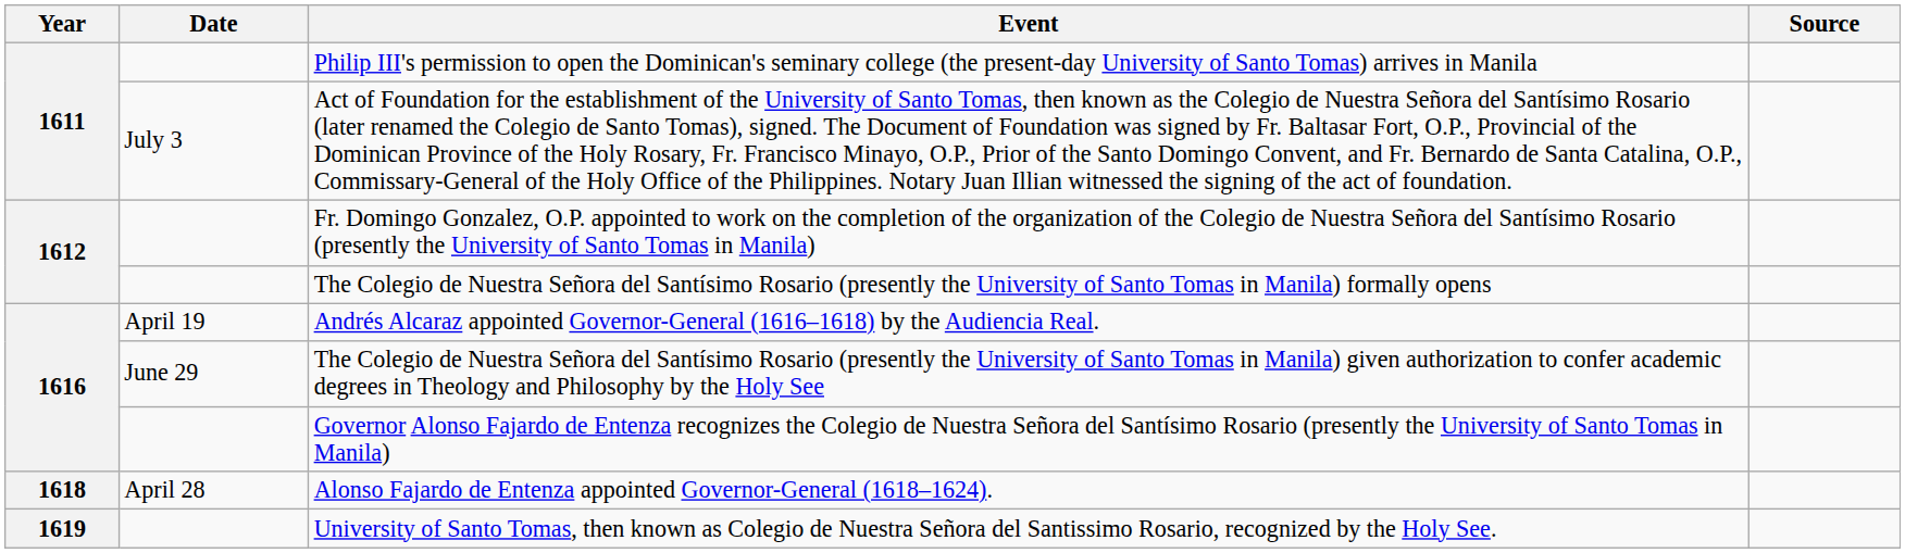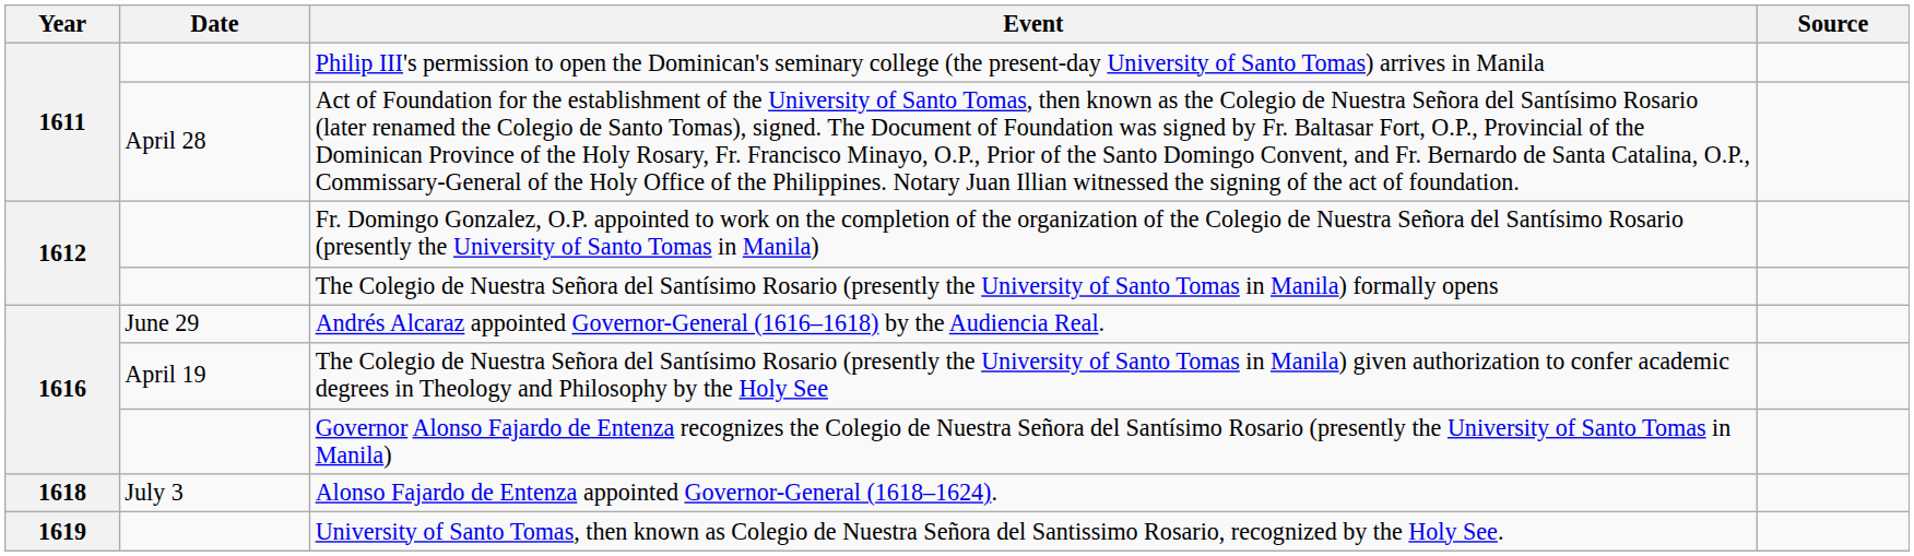 <table class="wikitable toptextcells" style="width:100%;">
 <tr>
 <th scope="col" style="width:6%;">Year</th>
 <th scope="col" style="width:10%;">Date</th>
 <th scope="col">Event</th>
 <th scope="col" style="width:8%;">Source</th>
 </tr>
 <tr>
 <th scope="row" rowspan="2">1611</th>
 <td></td>
 <td><a href='#'>Philip III</a>'s permission to open the Dominican's seminary college (the present-day <a href='#'>University of Santo Tomas</a>) arrives in Manila</td>
 <td></td>
 </tr>
 <tr>
-<td>July 3</td>
+<td>April 28</td>
 <td>Act of Foundation for the establishment of the <a href='#'>University of Santo Tomas</a>, then known as the Colegio de Nuestra Señora del Santísimo Rosario (later renamed the Colegio de Santo Tomas), signed. The Document of Foundation was signed by Fr. Baltasar Fort, O.P., Provincial of the Dominican Province of the Holy Rosary, Fr. Francisco Minayo, O.P., Prior of the Santo Domingo Convent, and Fr. Bernardo de Santa Catalina, O.P., Commissary-General of the Holy Office of the Philippines. Notary Juan Illian witnessed the signing of the act of foundation.</td>
 <td></td>
 </tr>
 <tr>
 <th scope="row" rowspan="2">1612</th>
 <td></td>
 <td>Fr. Domingo Gonzalez, O.P. appointed to work on the completion of the organization of the Colegio de Nuestra Señora del Santísimo Rosario (presently the <a href='#'>University of Santo Tomas</a> in <a href='#'>Manila</a>)</td>
 <td></td>
 </tr>
 <tr>
 <td></td>
 <td>The Colegio de Nuestra Señora del Santísimo Rosario (presently the <a href='#'>University of Santo Tomas</a> in <a href='#'>Manila</a>) formally opens</td>
 <td></td>
 </tr>
 <tr>
 <th scope="row" rowspan="3">1616</th>
-<td>April 19</td>
+<td>June 29</td>
 <td><a href='#'>Andrés Alcaraz</a> appointed <a href='#'>Governor-General (1616–1618)</a> by the <a href='#'>Audiencia Real</a>.</td>
 <td></td>
 </tr>
 <tr>
-<td>June 29</td>
+<td>April 19</td>
 <td>The Colegio de Nuestra Señora del Santísimo Rosario (presently the <a href='#'>University of Santo Tomas</a> in <a href='#'>Manila</a>) given authorization to confer academic degrees in Theology and Philosophy by the <a href='#'>Holy See</a></td>
 <td></td>
 </tr>
 <tr>
 <td></td>
 <td><a href='#'>Governor</a> <a href='#'>Alonso Fajardo de Entenza</a> recognizes the Colegio de Nuestra Señora del Santísimo Rosario (presently the <a href='#'>University of Santo Tomas</a> in <a href='#'>Manila</a>)</td>
 <td></td>
 </tr>
 <tr>
 <th scope="row">1618</th>
-<td>April 28</td>
+<td>July 3</td>
 <td><a href='#'>Alonso Fajardo de Entenza</a> appointed <a href='#'>Governor-General (1618–1624)</a>.</td>
 <td></td>
 </tr>
 <tr>
 <th scope="row">1619</th>
 <td></td>
 <td><a href='#'>University of Santo Tomas</a>, then known as Colegio de Nuestra Señora del Santissimo Rosario, recognized by the <a href='#'>Holy See</a>.</td>
 <td></td>
 </tr>
 </table>
